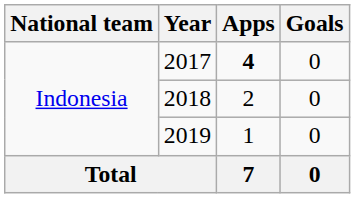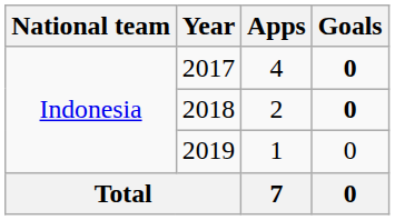 <table class=wikitable style=text-align:center>
 <tr>
 <th>National team</th>
 <th>Year</th>
 <th>Apps</th>
 <th>Goals</th>
 </tr>
 <tr>
 <td rowspan="3"><a href='#'>Indonesia</a></td>
 <td>2017</td>
-<td><strong>4</strong></td>
-<td>0</td>
+<td>4</td>
+<td><strong>0</strong></td>
 </tr>
 <tr>
 <td>2018</td>
 <td>2</td>
-<td>0</td>
+<td><strong>0</strong></td>
 </tr>
 <tr>
 <td>2019</td>
 <td>1</td>
 <td>0</td>
 </tr>
 <tr>
 <th colspan=2>Total</th>
 <th>7</th>
 <th>0</th>
 </tr>
 </table>
